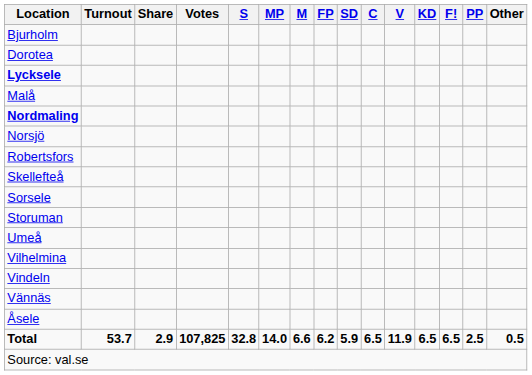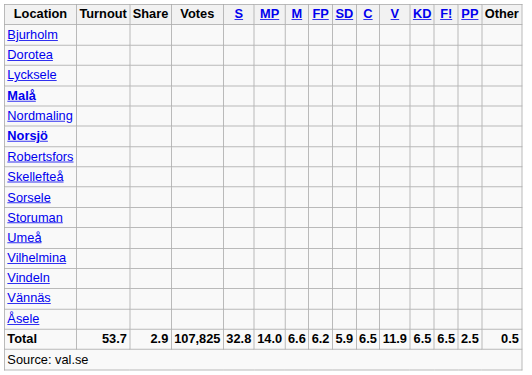 <table class="wikitable sortable" style=text-align:right>
 <tr>
 <th>Location</th>
 <th>Turnout</th>
 <th>Share</th>
 <th>Votes</th>
 <th><a href='#'>S</a></th>
 <th><a href='#'>MP</a></th>
 <th><a href='#'>M</a></th>
 <th><a href='#'>FP</a></th>
 <th><a href='#'>SD</a></th>
 <th><a href='#'>C</a></th>
 <th><a href='#'>V</a></th>
 <th><a href='#'>KD</a></th>
 <th><a href='#'>F!</a></th>
 <th><a href='#'>PP</a></th>
 <th>Other</th>
 </tr>
 <tr>
 <td align=left><a href='#'>Bjurholm</a></td>
 <td></td>
 <td></td>
 <td></td>
 <td></td>
 <td></td>
 <td></td>
 <td></td>
 <td></td>
 <td></td>
 <td></td>
 <td></td>
 <td></td>
 <td></td>
 <td></td>
 </tr>
 <tr>
 <td align=left><a href='#'>Dorotea</a></td>
 <td></td>
 <td></td>
 <td></td>
 <td></td>
 <td></td>
 <td></td>
 <td></td>
 <td></td>
 <td></td>
 <td></td>
 <td></td>
 <td></td>
 <td></td>
 <td></td>
 </tr>
 <tr>
-<td align=left><strong><a href='#'>Lycksele</a></strong></td>
+<td align=left><a href='#'>Lycksele</a></td>
 <td></td>
 <td></td>
 <td></td>
 <td></td>
 <td></td>
 <td></td>
 <td></td>
 <td></td>
 <td></td>
 <td></td>
 <td></td>
 <td></td>
 <td></td>
 <td></td>
 </tr>
 <tr>
-<td align=left><a href='#'>Malå</a></td>
+<td align=left><strong><a href='#'>Malå</a></strong></td>
 <td></td>
 <td></td>
 <td></td>
 <td></td>
 <td></td>
 <td></td>
 <td></td>
 <td></td>
 <td></td>
 <td></td>
 <td></td>
 <td></td>
 <td></td>
 <td></td>
 </tr>
 <tr>
-<td align=left><strong><a href='#'>Nordmaling</a></strong></td>
+<td align=left><a href='#'>Nordmaling</a></td>
 <td></td>
 <td></td>
 <td></td>
 <td></td>
 <td></td>
 <td></td>
 <td></td>
 <td></td>
 <td></td>
 <td></td>
 <td></td>
 <td></td>
 <td></td>
 <td></td>
 </tr>
 <tr>
-<td align=left><a href='#'>Norsjö</a></td>
+<td align=left><strong><a href='#'>Norsjö</a></strong></td>
 <td></td>
 <td></td>
 <td></td>
 <td></td>
 <td></td>
 <td></td>
 <td></td>
 <td></td>
 <td></td>
 <td></td>
 <td></td>
 <td></td>
 <td></td>
 <td></td>
 </tr>
 <tr>
 <td align=left><a href='#'>Robertsfors</a></td>
 <td></td>
 <td></td>
 <td></td>
 <td></td>
 <td></td>
 <td></td>
 <td></td>
 <td></td>
 <td></td>
 <td></td>
 <td></td>
 <td></td>
 <td></td>
 <td></td>
 </tr>
 <tr>
 <td align=left><a href='#'>Skellefteå</a></td>
 <td></td>
 <td></td>
 <td></td>
 <td></td>
 <td></td>
 <td></td>
 <td></td>
 <td></td>
 <td></td>
 <td></td>
 <td></td>
 <td></td>
 <td></td>
 <td></td>
 </tr>
 <tr>
 <td align=left><a href='#'>Sorsele</a></td>
 <td></td>
 <td></td>
 <td></td>
 <td></td>
 <td></td>
 <td></td>
 <td></td>
 <td></td>
 <td></td>
 <td></td>
 <td></td>
 <td></td>
 <td></td>
 <td></td>
 </tr>
 <tr>
 <td align=left><a href='#'>Storuman</a></td>
 <td></td>
 <td></td>
 <td></td>
 <td></td>
 <td></td>
 <td></td>
 <td></td>
 <td></td>
 <td></td>
 <td></td>
 <td></td>
 <td></td>
 <td></td>
 <td></td>
 </tr>
 <tr>
 <td align=left><a href='#'>Umeå</a></td>
 <td></td>
 <td></td>
 <td></td>
 <td></td>
 <td></td>
 <td></td>
 <td></td>
 <td></td>
 <td></td>
 <td></td>
 <td></td>
 <td></td>
 <td></td>
 <td></td>
 </tr>
 <tr>
 <td align=left><a href='#'>Vilhelmina</a></td>
 <td></td>
 <td></td>
 <td></td>
 <td></td>
 <td></td>
 <td></td>
 <td></td>
 <td></td>
 <td></td>
 <td></td>
 <td></td>
 <td></td>
 <td></td>
 <td></td>
 </tr>
 <tr>
 <td align=left><a href='#'>Vindeln</a></td>
 <td></td>
 <td></td>
 <td></td>
 <td></td>
 <td></td>
 <td></td>
 <td></td>
 <td></td>
 <td></td>
 <td></td>
 <td></td>
 <td></td>
 <td></td>
 <td></td>
 </tr>
 <tr>
 <td align=left><a href='#'>Vännäs</a></td>
 <td></td>
 <td></td>
 <td></td>
 <td></td>
 <td></td>
 <td></td>
 <td></td>
 <td></td>
 <td></td>
 <td></td>
 <td></td>
 <td></td>
 <td></td>
 <td></td>
 </tr>
 <tr>
 <td align=left><a href='#'>Åsele</a></td>
 <td></td>
 <td></td>
 <td></td>
 <td></td>
 <td></td>
 <td></td>
 <td></td>
 <td></td>
 <td></td>
 <td></td>
 <td></td>
 <td></td>
 <td></td>
 <td></td>
 </tr>
 <tr>
 <td align=left><strong>Total</strong></td>
 <td><strong>53.7</strong></td>
 <td><strong>2.9</strong></td>
 <td><strong>107,825</strong></td>
 <td><strong>32.8</strong></td>
 <td><strong>14.0</strong></td>
 <td><strong>6.6</strong></td>
 <td><strong>6.2</strong></td>
 <td><strong>5.9</strong></td>
 <td><strong>6.5</strong></td>
 <td><strong>11.9</strong></td>
 <td><strong>6.5</strong></td>
 <td><strong>6.5</strong></td>
 <td><strong>2.5</strong></td>
 <td><strong>0.5</strong></td>
 </tr>
 <tr>
 <td align=left colspan=15>Source: val.se </td>
 </tr>
 </table>
